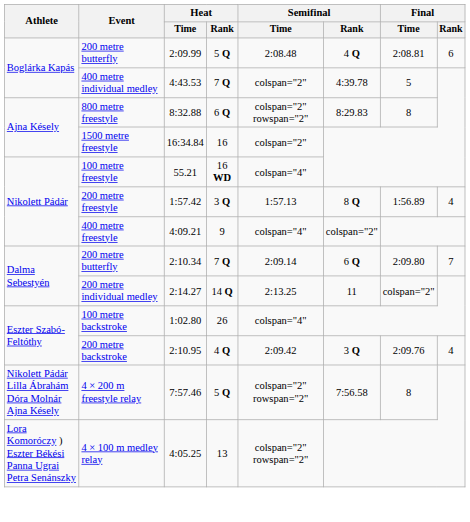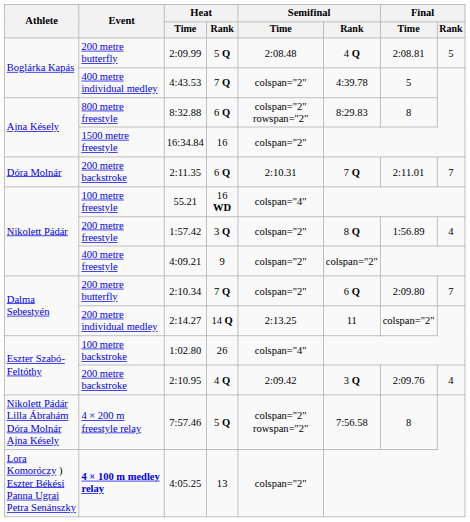 <table class="wikitable" style="text-align:center; font-size:90%; width:50%;">
 <tr>
 <th rowspan="2">Athlete</th>
 <th rowspan="2">Event</th>
 <th colspan="2">Heat</th>
 <th colspan="2">Semifinal</th>
 <th colspan="2">Final</th>
 </tr>
 <tr style="font-size:95%">
 <th>Time</th>
 <th>Rank</th>
 <th>Time</th>
 <th>Rank</th>
 <th>Time</th>
 <th>Rank</th>
 </tr>
 <tr align=center>
 <td align=left rowspan=2><a href='#'>Boglárka Kapás</a></td>
 <td align=left><a href='#'>200 metre butterfly</a></td>
 <td>2:09.99</td>
 <td>5 <strong>Q</strong></td>
 <td>2:08.48</td>
 <td>4 <strong>Q</strong></td>
 <td>2:08.81</td>
-<td>6</td>
+<td>5</td>
 </tr>
 <tr align=center>
 <td align=left><a href='#'>400 metre individual medley</a></td>
 <td>4:43.53</td>
 <td>7 <strong>Q</strong></td>
 <td>colspan="2" </td>
 <td>4:39.78</td>
 <td>5</td>
 </tr>
 <tr align=center>
 <td align=left rowspan="2"><a href='#'>Ajna Késely</a></td>
 <td align=left><a href='#'>800 metre freestyle</a></td>
 <td>8:32.88</td>
 <td>6 <strong>Q</strong></td>
 <td>colspan="2" rowspan="2" </td>
 <td>8:29.83</td>
 <td>8</td>
 </tr>
 <tr align=center>
 <td align=left><a href='#'>1500 metre freestyle</a></td>
 <td>16:34.84</td>
 <td>16</td>
 <td>colspan="2" </td>
 </tr>
 <tr align=center>
+<td align=left><a href='#'>Dóra Molnár</a></td>
+<td align=left><a href='#'>200 metre backstroke</a></td>
+<td>2:11.35</td>
+<td>6 <strong>Q</strong></td>
+<td>2:10.31</td>
+<td>7 <strong>Q</strong></td>
+<td>2:11.01</td>
+<td>7</td>
+</tr>
+<tr align=center>
 <td align=left rowspan=3><a href='#'>Nikolett Pádár</a></td>
 <td align=left><a href='#'>100 metre freestyle</a></td>
 <td>55.21</td>
 <td>16 <strong>WD</strong></td>
 <td>colspan="4" </td>
 </tr>
 <tr align=center>
 <td align=left><a href='#'>200 metre freestyle</a></td>
 <td>1:57.42</td>
 <td>3 <strong>Q</strong></td>
-<td>1:57.13</td>
+<td>colspan="2" </td>
 <td>8 <strong>Q</strong></td>
 <td>1:56.89</td>
 <td>4</td>
 </tr>
 <tr align=center>
 <td align=left><a href='#'>400 metre freestyle</a></td>
 <td>4:09.21</td>
 <td>9</td>
-<td>colspan="4" </td>
+<td>colspan="2" </td>
 <td>colspan="2" </td>
 </tr>
 <tr align=center>
 <td align=left rowspan="2"><a href='#'>Dalma Sebestyén</a></td>
 <td align=left><a href='#'>200 metre butterfly</a></td>
 <td>2:10.34</td>
 <td>7 <strong>Q</strong></td>
-<td>2:09.14</td>
+<td>colspan="2" </td>
 <td>6 <strong>Q</strong></td>
 <td>2:09.80</td>
 <td>7</td>
 </tr>
 <tr align=center>
 <td align=left><a href='#'>200 metre individual medley</a></td>
 <td>2:14.27</td>
 <td>14 <strong>Q</strong></td>
 <td>2:13.25</td>
 <td>11</td>
 <td>colspan="2" </td>
 </tr>
 <tr align=center>
 <td align=left rowspan="2"><a href='#'>Eszter Szabó-Feltóthy</a></td>
 <td align=left><a href='#'>100 metre backstroke</a></td>
 <td>1:02.80</td>
 <td>26</td>
 <td>colspan="4" </td>
 </tr>
 <tr align=center>
 <td align=left><a href='#'>200 metre backstroke</a></td>
 <td>2:10.95</td>
 <td>4 <strong>Q</strong></td>
 <td>2:09.42</td>
 <td>3 <strong>Q</strong></td>
 <td>2:09.76</td>
 <td>4</td>
 </tr>
 <tr>
 <td align=left><a href='#'>Nikolett Pádár</a> <br><a href='#'>Lilla Ábrahám</a><br><a href='#'>Dóra Molnár</a> <br><a href='#'>Ajna Késely</a></td>
 <td align=left><a href='#'>4 × 200 m freestyle relay</a></td>
 <td>7:57.46</td>
 <td>5 <strong>Q</strong></td>
 <td>colspan="2" rowspan="2" </td>
 <td>7:56.58</td>
 <td>8</td>
 </tr>
 <tr>
 <td align=left><a href='#'>Lora Komoróczy</a> )<br><a href='#'>Eszter Békési</a><br><a href='#'>Panna Ugrai</a> <br><a href='#'>Petra Senánszky</a></td>
-<td align=left><a href='#'>4 × 100 m medley relay</a></td>
+<td align=left><strong><a href='#'>4 × 100 m medley relay</a></strong></td>
 <td>4:05.25</td>
 <td>13</td>
-<td>colspan="2" rowspan="2" </td>
+<td>colspan="2"  </td>
 </tr>
 </table>
